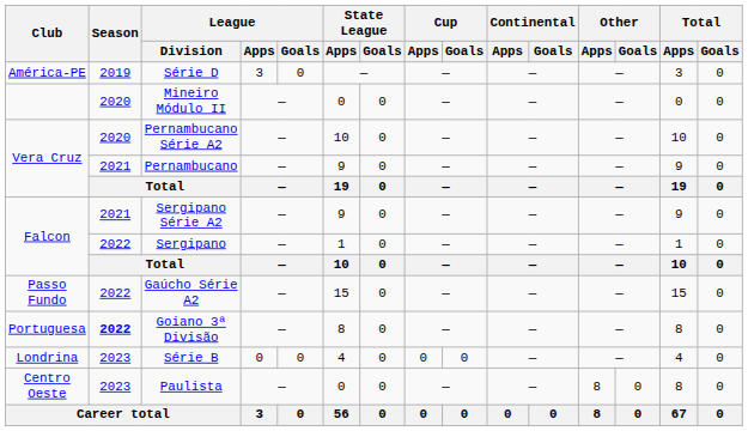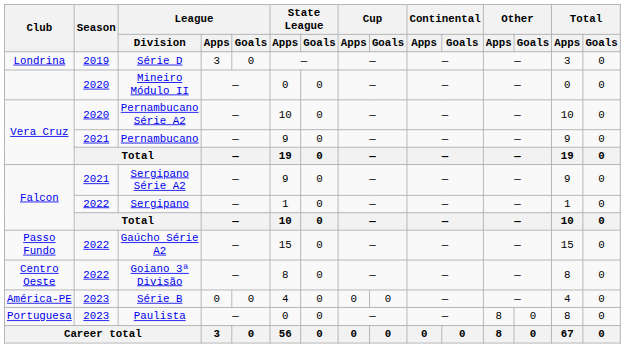 <table class="wikitable" style="text-align: center;">
 <tr>
 <th rowspan="2">Club</th>
 <th rowspan="2">Season</th>
 <th colspan="3">League</th>
 <th colspan="2">State League</th>
 <th colspan="2">Cup</th>
 <th colspan="2">Continental</th>
 <th colspan="2">Other</th>
 <th colspan="2">Total</th>
 </tr>
 <tr>
 <th>Division</th>
 <th>Apps</th>
 <th>Goals</th>
 <th>Apps</th>
 <th>Goals</th>
 <th>Apps</th>
 <th>Goals</th>
 <th>Apps</th>
 <th>Goals</th>
 <th>Apps</th>
 <th>Goals</th>
 <th>Apps</th>
 <th>Goals</th>
 </tr>
 <tr>
-<td valign="center"><a href='#'>América-PE</a></td>
+<td valign="center"><a href='#'>Londrina</a></td>
 <td><a href='#'>2019</a></td>
 <td><a href='#'>Série D</a></td>
 <td>3</td>
 <td>0</td>
 <td colspan="2">—</td>
 <td colspan="2">—</td>
 <td colspan="2">—</td>
 <td colspan="2">—</td>
 <td>3</td>
 <td>0</td>
 </tr>
 <tr>
 <td valign="center"></td>
 <td><a href='#'>2020</a></td>
 <td><a href='#'>Mineiro Módulo II</a></td>
 <td colspan="2">—</td>
 <td>0</td>
 <td>0</td>
 <td colspan="2">—</td>
 <td colspan="2">—</td>
 <td colspan="2">—</td>
 <td>0</td>
 <td>0</td>
 </tr>
 <tr>
 <td rowspan="3" valign="center"><a href='#'>Vera Cruz</a></td>
 <td><a href='#'>2020</a></td>
 <td><a href='#'>Pernambucano Série A2</a></td>
 <td colspan="2">—</td>
 <td>10</td>
 <td>0</td>
 <td colspan="2">—</td>
 <td colspan="2">—</td>
 <td colspan="2">—</td>
 <td>10</td>
 <td>0</td>
 </tr>
 <tr>
 <td><a href='#'>2021</a></td>
 <td><a href='#'>Pernambucano</a></td>
 <td colspan="2">—</td>
 <td>9</td>
 <td>0</td>
 <td colspan="2">—</td>
 <td colspan="2">—</td>
 <td colspan="2">—</td>
 <td>9</td>
 <td>0</td>
 </tr>
 <tr>
 <th colspan="2">Total</th>
 <th colspan="2">—</th>
 <th>19</th>
 <th>0</th>
 <th colspan="2">—</th>
 <th colspan="2">—</th>
 <th colspan="2">—</th>
 <th>19</th>
 <th>0</th>
 </tr>
 <tr>
 <td rowspan="3" valign="center"><a href='#'>Falcon</a></td>
 <td><a href='#'>2021</a></td>
 <td><a href='#'>Sergipano Série A2</a></td>
 <td colspan="2">—</td>
 <td>9</td>
 <td>0</td>
 <td colspan="2">—</td>
 <td colspan="2">—</td>
 <td colspan="2">—</td>
 <td>9</td>
 <td>0</td>
 </tr>
 <tr>
 <td><a href='#'>2022</a></td>
 <td><a href='#'>Sergipano</a></td>
 <td colspan="2">—</td>
 <td>1</td>
 <td>0</td>
 <td colspan="2">—</td>
 <td colspan="2">—</td>
 <td colspan="2">—</td>
 <td>1</td>
 <td>0</td>
 </tr>
 <tr>
 <th colspan="2">Total</th>
 <th colspan="2">—</th>
 <th>10</th>
 <th>0</th>
 <th colspan="2">—</th>
 <th colspan="2">—</th>
 <th colspan="2">—</th>
 <th>10</th>
 <th>0</th>
 </tr>
 <tr>
 <td valign="center"><a href='#'>Passo Fundo</a></td>
 <td><a href='#'>2022</a></td>
 <td><a href='#'>Gaúcho Série A2</a></td>
 <td colspan="2">—</td>
 <td>15</td>
 <td>0</td>
 <td colspan="2">—</td>
 <td colspan="2">—</td>
 <td colspan="2">—</td>
 <td>15</td>
 <td>0</td>
 </tr>
 <tr>
-<td valign="center"><a href='#'>Portuguesa</a></td>
-<td><strong><a href='#'>2022</a></strong></td>
+<td valign="center"><a href='#'>Centro Oeste</a></td>
+<td><a href='#'>2022</a></td>
 <td><a href='#'>Goiano 3ª Divisão</a></td>
 <td colspan="2">—</td>
 <td>8</td>
 <td>0</td>
 <td colspan="2">—</td>
 <td colspan="2">—</td>
 <td colspan="2">—</td>
 <td>8</td>
 <td>0</td>
 </tr>
 <tr>
-<td valign="center"><a href='#'>Londrina</a></td>
+<td valign="center"><a href='#'>América-PE</a></td>
 <td><a href='#'>2023</a></td>
 <td><a href='#'>Série B</a></td>
 <td>0</td>
 <td>0</td>
 <td>4</td>
 <td>0</td>
 <td>0</td>
 <td>0</td>
 <td colspan="2">—</td>
 <td colspan="2">—</td>
 <td>4</td>
 <td>0</td>
 </tr>
 <tr>
-<td valign="center"><a href='#'>Centro Oeste</a></td>
+<td valign="center"><a href='#'>Portuguesa</a></td>
 <td><a href='#'>2023</a></td>
 <td><a href='#'>Paulista</a></td>
 <td colspan="2">—</td>
 <td>0</td>
 <td>0</td>
 <td colspan="2">—</td>
 <td colspan="2">—</td>
 <td>8</td>
 <td>0</td>
 <td>8</td>
 <td>0</td>
 </tr>
 <tr>
 <th colspan="3"><strong>Career total</strong></th>
 <th>3</th>
 <th>0</th>
 <th>56</th>
 <th>0</th>
 <th>0</th>
 <th>0</th>
 <th>0</th>
 <th>0</th>
 <th>8</th>
 <th>0</th>
 <th>67</th>
 <th>0</th>
 </tr>
 </table>
